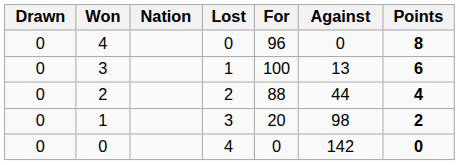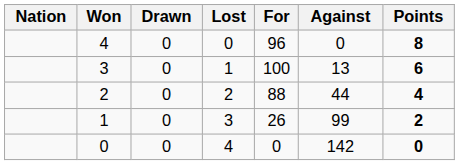 <table class="wikitable" style="width:50%;text-align:center">
 <tr>
+<th>Nation</th>
+<th>Won</th>
 <th>Drawn</th>
-<th>Won</th>
-<th>Nation</th>
 <th>Lost</th>
 <th>For</th>
 <th>Against</th>
 <th>Points</th>
 </tr>
 <tr>
+<td align=left></td>
+<td>4</td>
 <td>0</td>
-<td>4</td>
-<td align=left></td>
 <td>0</td>
 <td>96</td>
 <td>0</td>
 <td><strong>8</strong></td>
 </tr>
 <tr>
+<td align=left></td>
+<td>3</td>
 <td>0</td>
-<td>3</td>
-<td align=left></td>
 <td>1</td>
 <td>100</td>
 <td>13</td>
 <td><strong>6</strong></td>
 </tr>
 <tr>
+<td align=left></td>
+<td>2</td>
 <td>0</td>
-<td>2</td>
-<td align=left></td>
 <td>2</td>
 <td>88</td>
 <td>44</td>
 <td><strong>4</strong></td>
 </tr>
 <tr>
+<td align=left></td>
+<td>1</td>
 <td>0</td>
-<td>1</td>
-<td align=left></td>
 <td>3</td>
-<td>20</td>
-<td>98</td>
+<td>26</td>
+<td>99</td>
 <td><strong>2</strong></td>
 </tr>
 <tr>
+<td align=left></td>
 <td>0</td>
 <td>0</td>
-<td align=left></td>
 <td>4</td>
 <td>0</td>
 <td>142</td>
 <td><strong>0</strong></td>
 </tr>
 </table>
